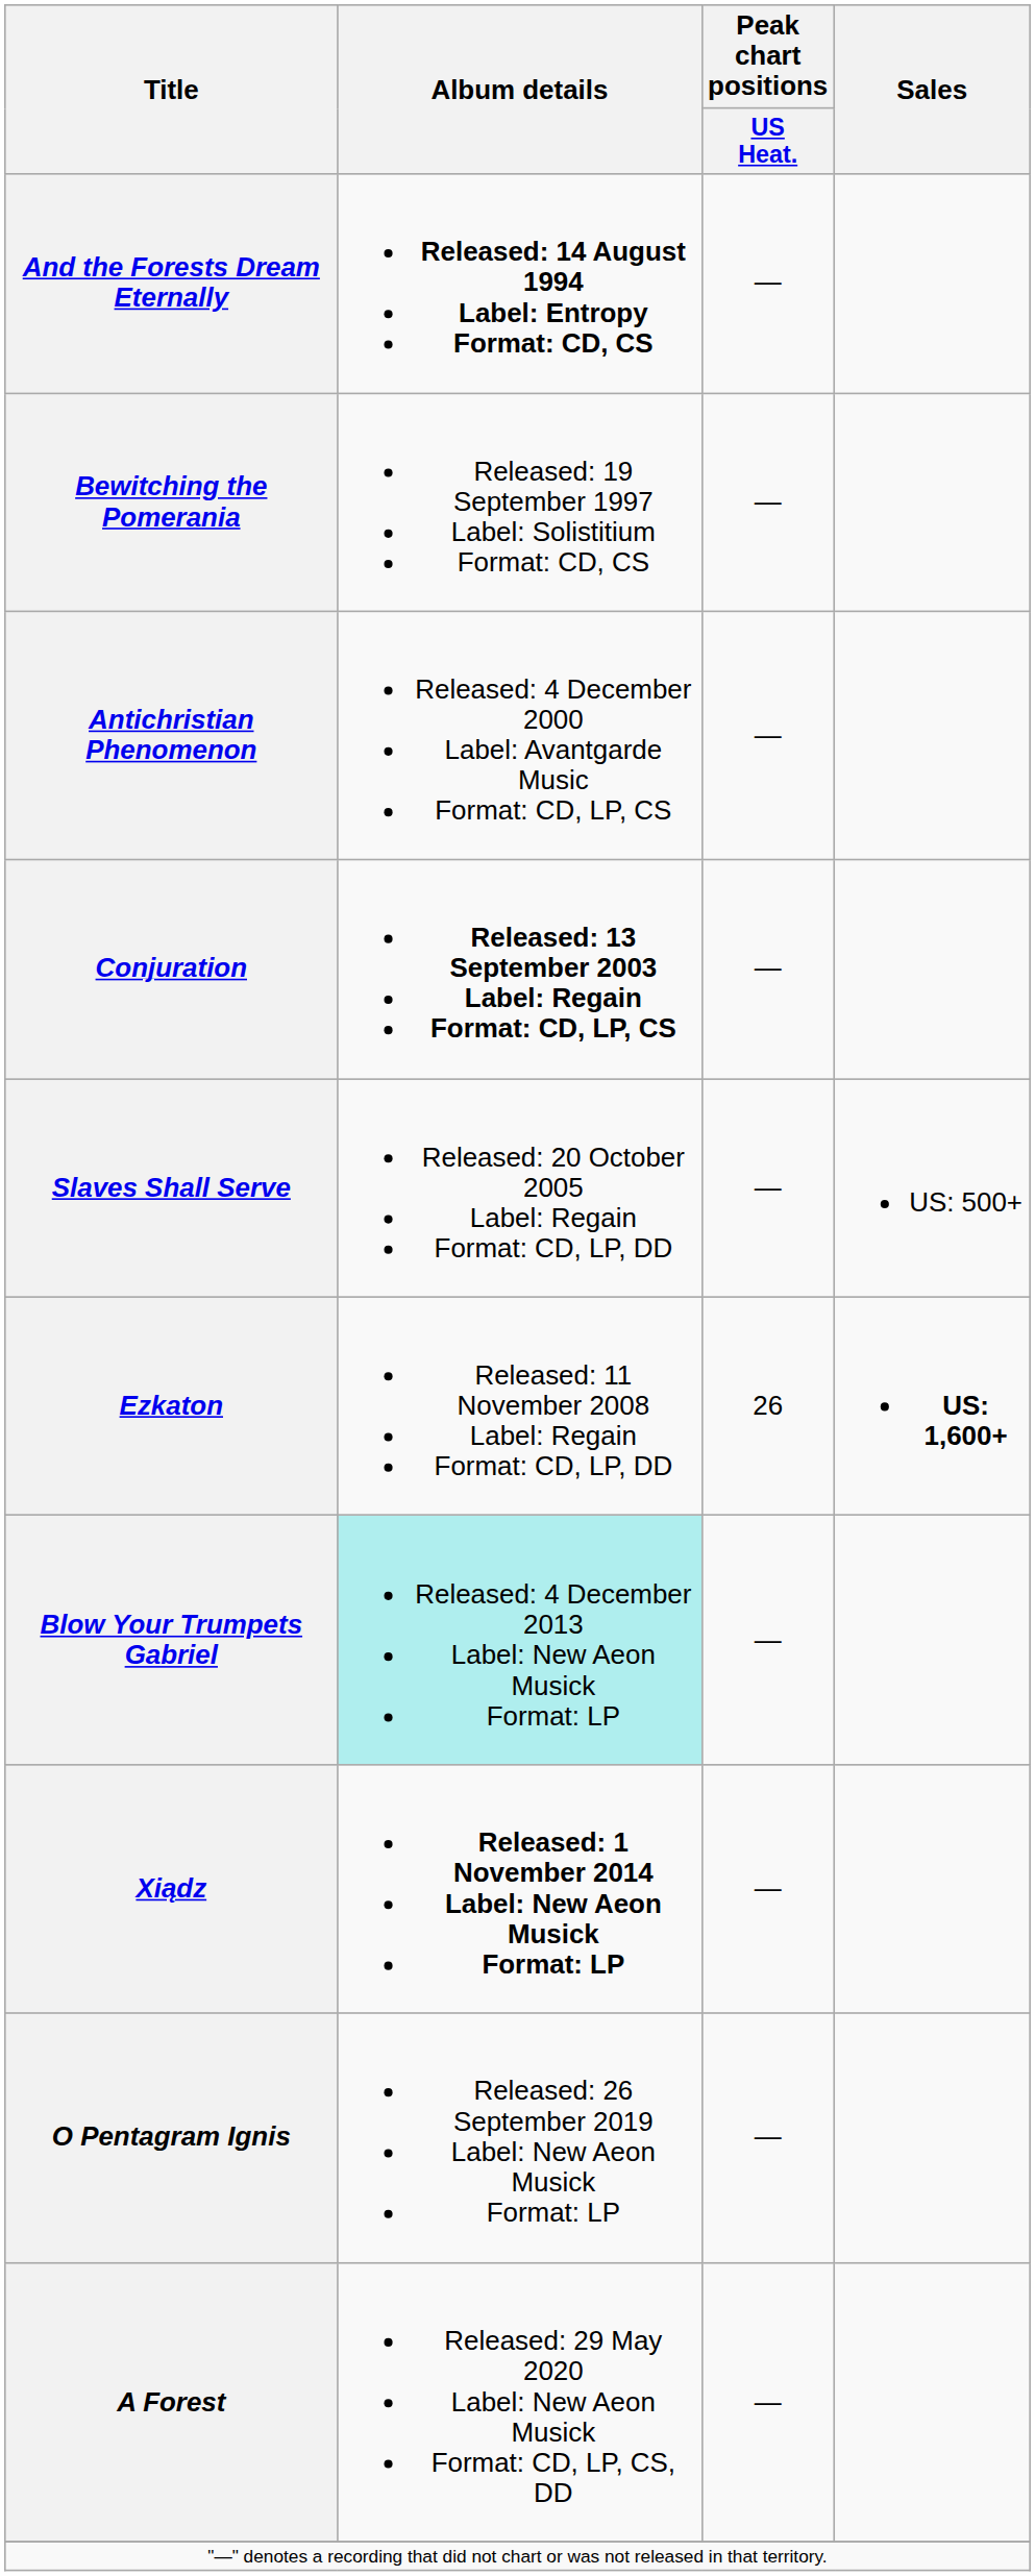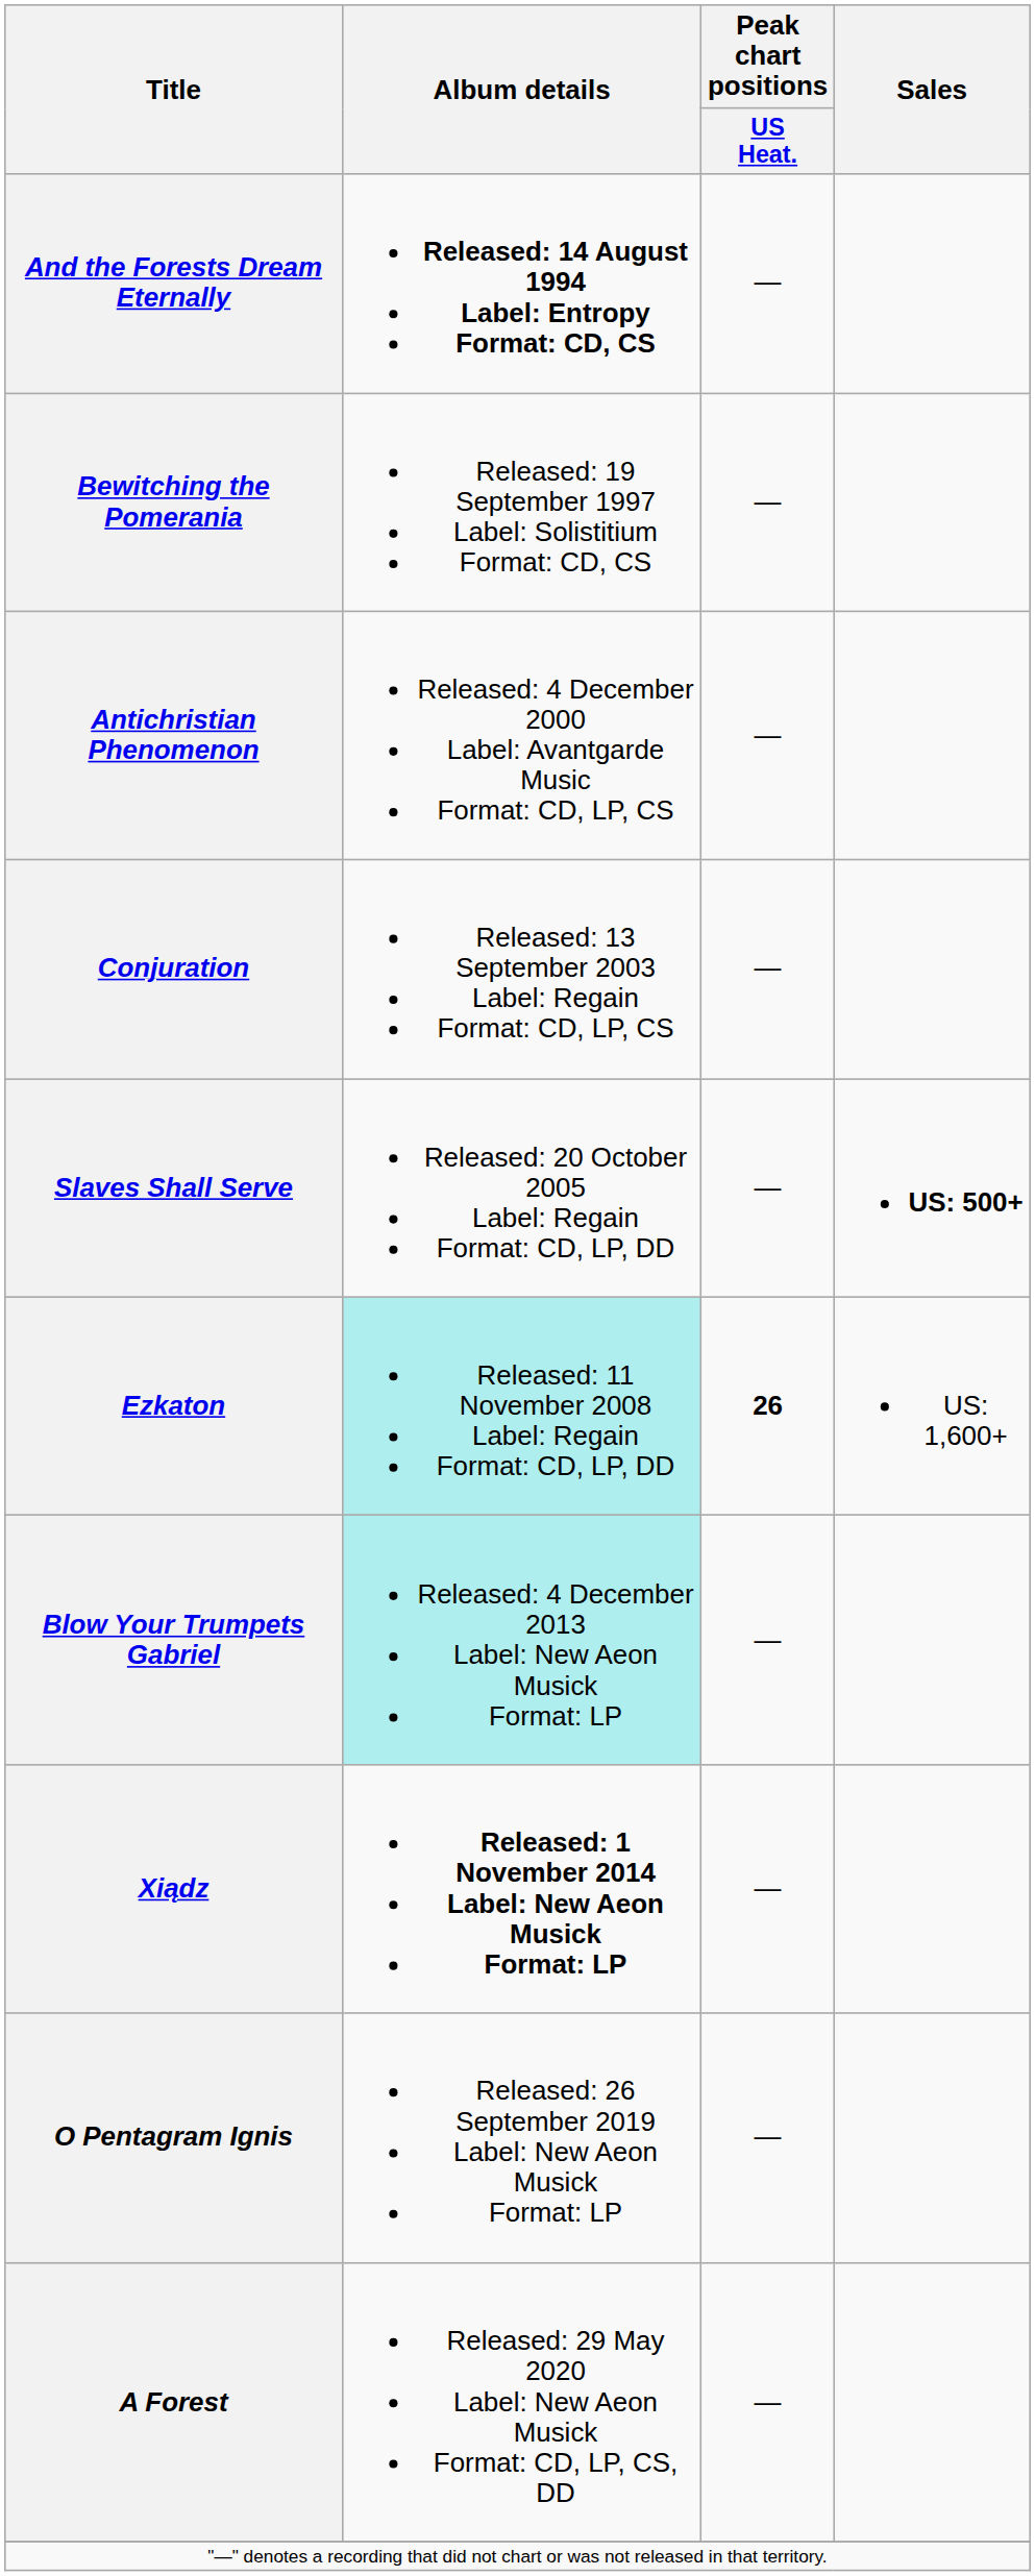 <table class="wikitable plainrowheaders" style="text-align:center;">
 <tr>
 <th scope="col" rowspan="2">Title</th>
 <th scope="col" rowspan="2">Album details</th>
 <th scope="col" colspan="1">Peak chart positions</th>
 <th scope="col" rowspan="2">Sales</th>
 </tr>
 <tr>
 <th scope="col" style="width:3em;font-size:90%;"><a href='#'>US<br>Heat.</a><br></th>
 </tr>
 <tr>
 <th scope="row"><em><a href='#'>And the Forests Dream Eternally</a></em></th>
 <td><strong><br><ul><li>Released: 14 August 1994</li><li>Label: Entropy</li><li>Format: CD, CS</li></ul></strong></td>
 <td>—</td>
 <td></td>
 </tr>
 <tr>
 <th scope="row"><em><a href='#'>Bewitching the Pomerania</a></em></th>
 <td><br><ul><li>Released: 19 September 1997</li><li>Label: Solistitium</li><li>Format: CD, CS</li></ul></td>
 <td>—</td>
 <td></td>
 </tr>
 <tr>
 <th scope="row"><em><a href='#'>Antichristian Phenomenon</a></em></th>
 <td><br><ul><li>Released: 4 December 2000</li><li>Label: Avantgarde Music</li><li>Format: CD, LP, CS</li></ul></td>
 <td>—</td>
 <td></td>
 </tr>
 <tr>
 <th scope="row"><em><a href='#'>Conjuration</a></em></th>
-<td><strong><br><ul><li>Released: 13 September 2003</li><li>Label: Regain</li><li>Format: CD, LP, CS</li></ul></strong></td>
+<td><br><ul><li>Released: 13 September 2003</li><li>Label: Regain</li><li>Format: CD, LP, CS</li></ul></td>
 <td>—</td>
 <td></td>
 </tr>
 <tr>
 <th scope="row"><em><a href='#'>Slaves Shall Serve</a></em></th>
 <td><br><ul><li>Released: 20 October 2005</li><li>Label: Regain</li><li>Format: CD, LP, DD</li></ul></td>
 <td>—</td>
-<td><br><ul><li>US: 500+</li></ul></td>
+<td><strong><br><ul><li>US: 500+</li></ul></strong></td>
 </tr>
 <tr>
 <th scope="row"><em><a href='#'>Ezkaton</a></em></th>
-<td><br><ul><li>Released: 11 November 2008</li><li>Label: Regain</li><li>Format: CD, LP, DD</li></ul></td>
-<td>26</td>
-<td><strong><br><ul><li>US: 1,600+</li></ul></strong></td>
+<td style="background: paleturquoise;"><br><ul><li>Released: 11 November 2008</li><li>Label: Regain</li><li>Format: CD, LP, DD</li></ul></td>
+<td><strong>26</strong></td>
+<td><br><ul><li>US: 1,600+</li></ul></td>
 </tr>
 <tr>
 <th scope="row"><em><a href='#'>Blow Your Trumpets Gabriel</a></em></th>
 <td style="background: paleturquoise;"><br><ul><li>Released: 4 December 2013</li><li>Label: New Aeon Musick</li><li>Format: LP</li></ul></td>
 <td>—</td>
 <td></td>
 </tr>
 <tr>
 <th scope="row"><em><a href='#'>Xiądz</a></em></th>
 <td><strong><br><ul><li>Released: 1 November 2014</li><li>Label: New Aeon Musick</li><li>Format: LP</li></ul></strong></td>
 <td>—</td>
 <td></td>
 </tr>
 <tr>
 <th scope="row"><em>O Pentagram Ignis</em></th>
 <td><br><ul><li>Released: 26 September 2019</li><li>Label: New Aeon Musick</li><li>Format: LP</li></ul></td>
 <td>—</td>
 <td></td>
 </tr>
 <tr>
 <th scope="row"><em>A Forest</em></th>
 <td><br><ul><li>Released: 29 May 2020</li><li>Label: New Aeon Musick</li><li>Format: CD, LP, CS, DD</li></ul></td>
 <td>—</td>
 <td></td>
 </tr>
 <tr>
 </tr>
 <tr>
 <td colspan="14" style="text-align:center; font-size:8pt;">"—" denotes a recording that did not chart or was not released in that territory.</td>
 </tr>
 </table>
